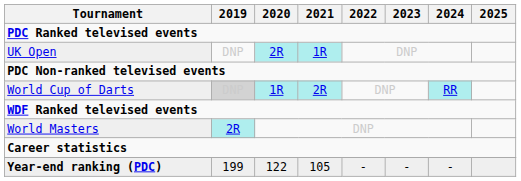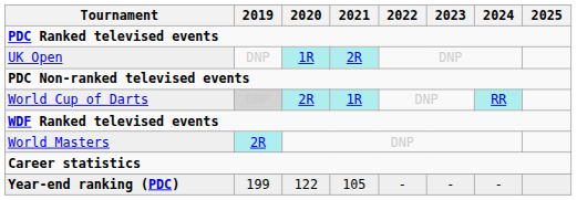 <table class="wikitable" style="width:45%; margin:0">
 <tr>
 <th>Tournament</th>
 <th>2019</th>
 <th>2020</th>
 <th>2021</th>
 <th>2022</th>
 <th>2023</th>
 <th>2024</th>
 <th>2025</th>
 </tr>
 <tr>
 <td colspan="10" align="left"><strong><a href='#'>PDC</a> Ranked televised events</strong></td>
 </tr>
 <tr>
 <td style="background:#efefef;"><a href='#'>UK Open</a></td>
 <td style="text-align:center; color:#ccc;">DNP</td>
+<td style="text-align:center; background:#afeeee;"><a href='#'>1R</a></td>
 <td style="text-align:center; background:#afeeee;"><a href='#'>2R</a></td>
-<td style="text-align:center; background:#afeeee;"><a href='#'>1R</a></td>
 <td colspan="3" style="text-align:center; color:#ccc;">DNP</td>
 <td></td>
 </tr>
 <tr>
 <td colspan="10" align="left"><strong>PDC Non-ranked televised events</strong></td>
 </tr>
 <tr>
 <td style="background:#efefef;"><a href='#'>World Cup of Darts</a></td>
 <td style="background: lightgrey; text-align:center; color:#ccc;">DNP</td>
+<td style="text-align:center; background:#afeeee;"><a href='#'>2R</a></td>
 <td style="text-align:center; background:#afeeee;"><a href='#'>1R</a></td>
-<td style="text-align:center; background:#afeeee;"><a href='#'>2R</a></td>
 <td colspan="2" style="text-align:center; color:#ccc;">DNP</td>
 <td style="text-align:center; background:#afeeee;"><a href='#'>RR</a></td>
 <td></td>
 </tr>
 <tr>
 <td colspan="10" align="left"><strong><a href='#'>WDF</a> Ranked televised events</strong></td>
 </tr>
 <tr>
 <td style="background:#efefef;"><a href='#'>World Masters</a></td>
 <td style="text-align:center; background:#afeeee;"><a href='#'>2R</a></td>
 <td colspan="5" style="text-align:center; color:#ccc;">DNP</td>
 <td></td>
 </tr>
 <tr>
 <td colspan="10" align="left"><strong>Career statistics</strong></td>
 </tr>
 <tr>
 </tr>
 <tr bgcolor="efefef">
 <td align="left"><strong>Year-end ranking (<a href='#'>PDC</a>)</strong></td>
 <td style="text-align:center;">199</td>
 <td style="text-align:center;">122</td>
 <td style="text-align:center;">105</td>
 <td style="text-align:center;">-</td>
 <td style="text-align:center;">-</td>
 <td style="text-align:center;">-</td>
 <td></td>
 </tr>
 </table>
